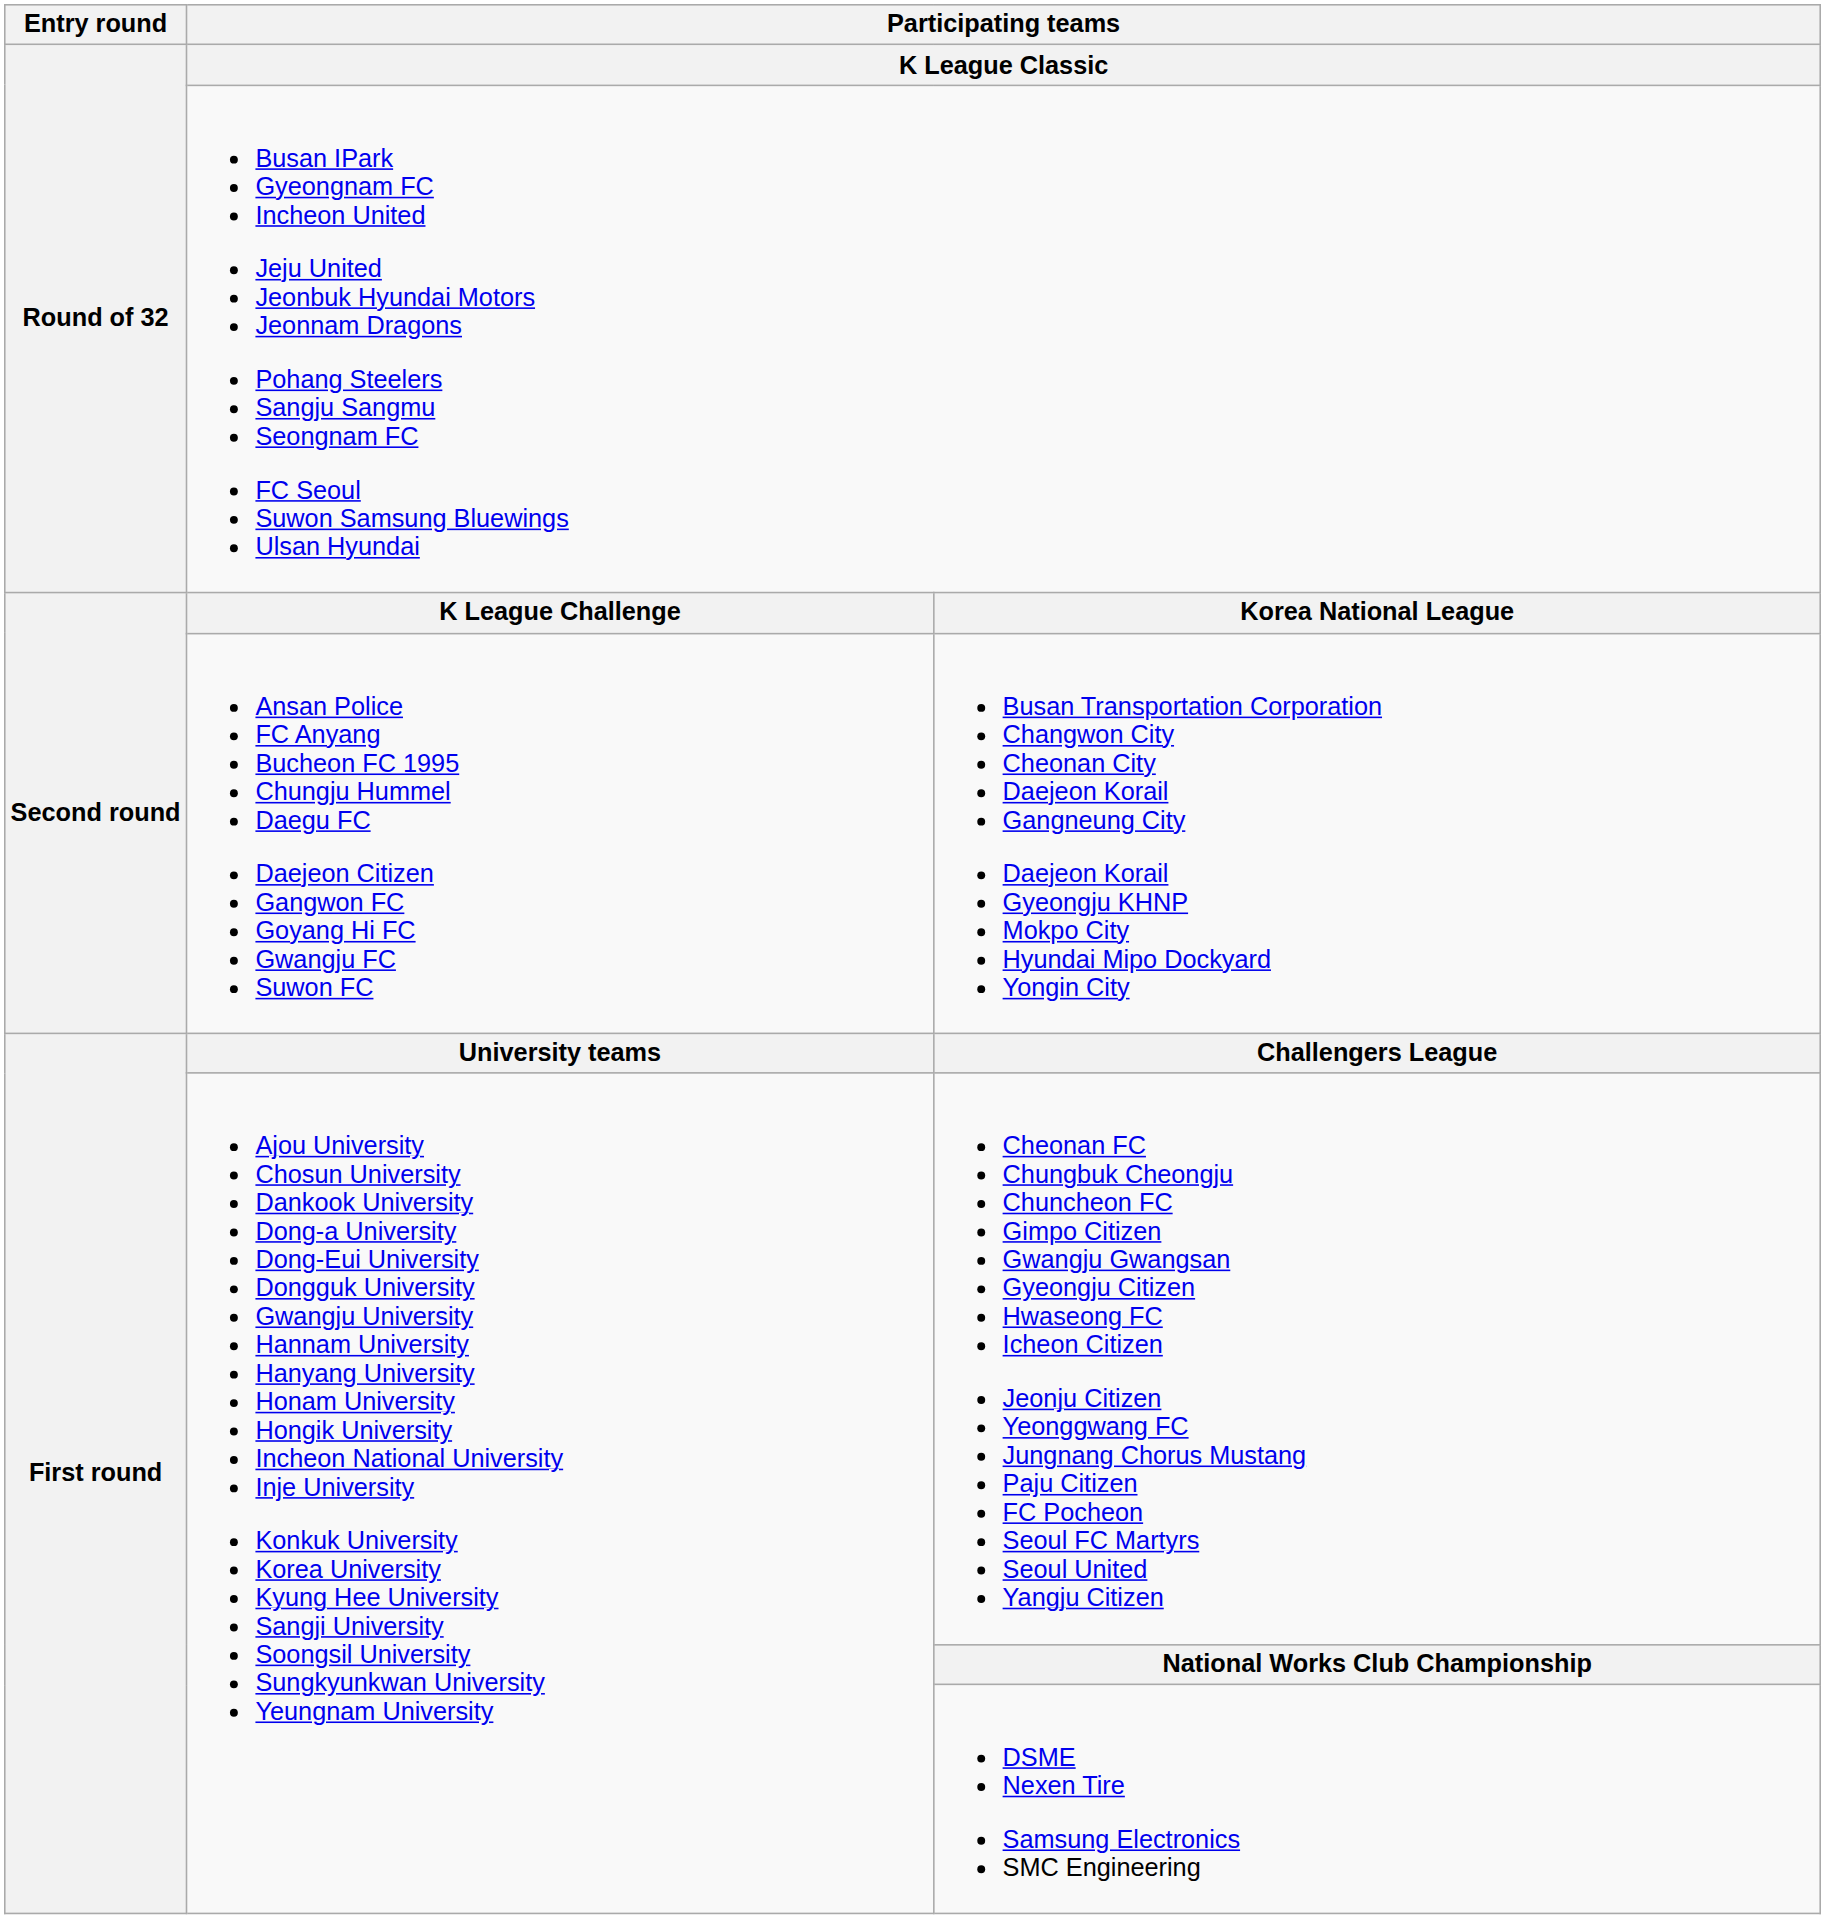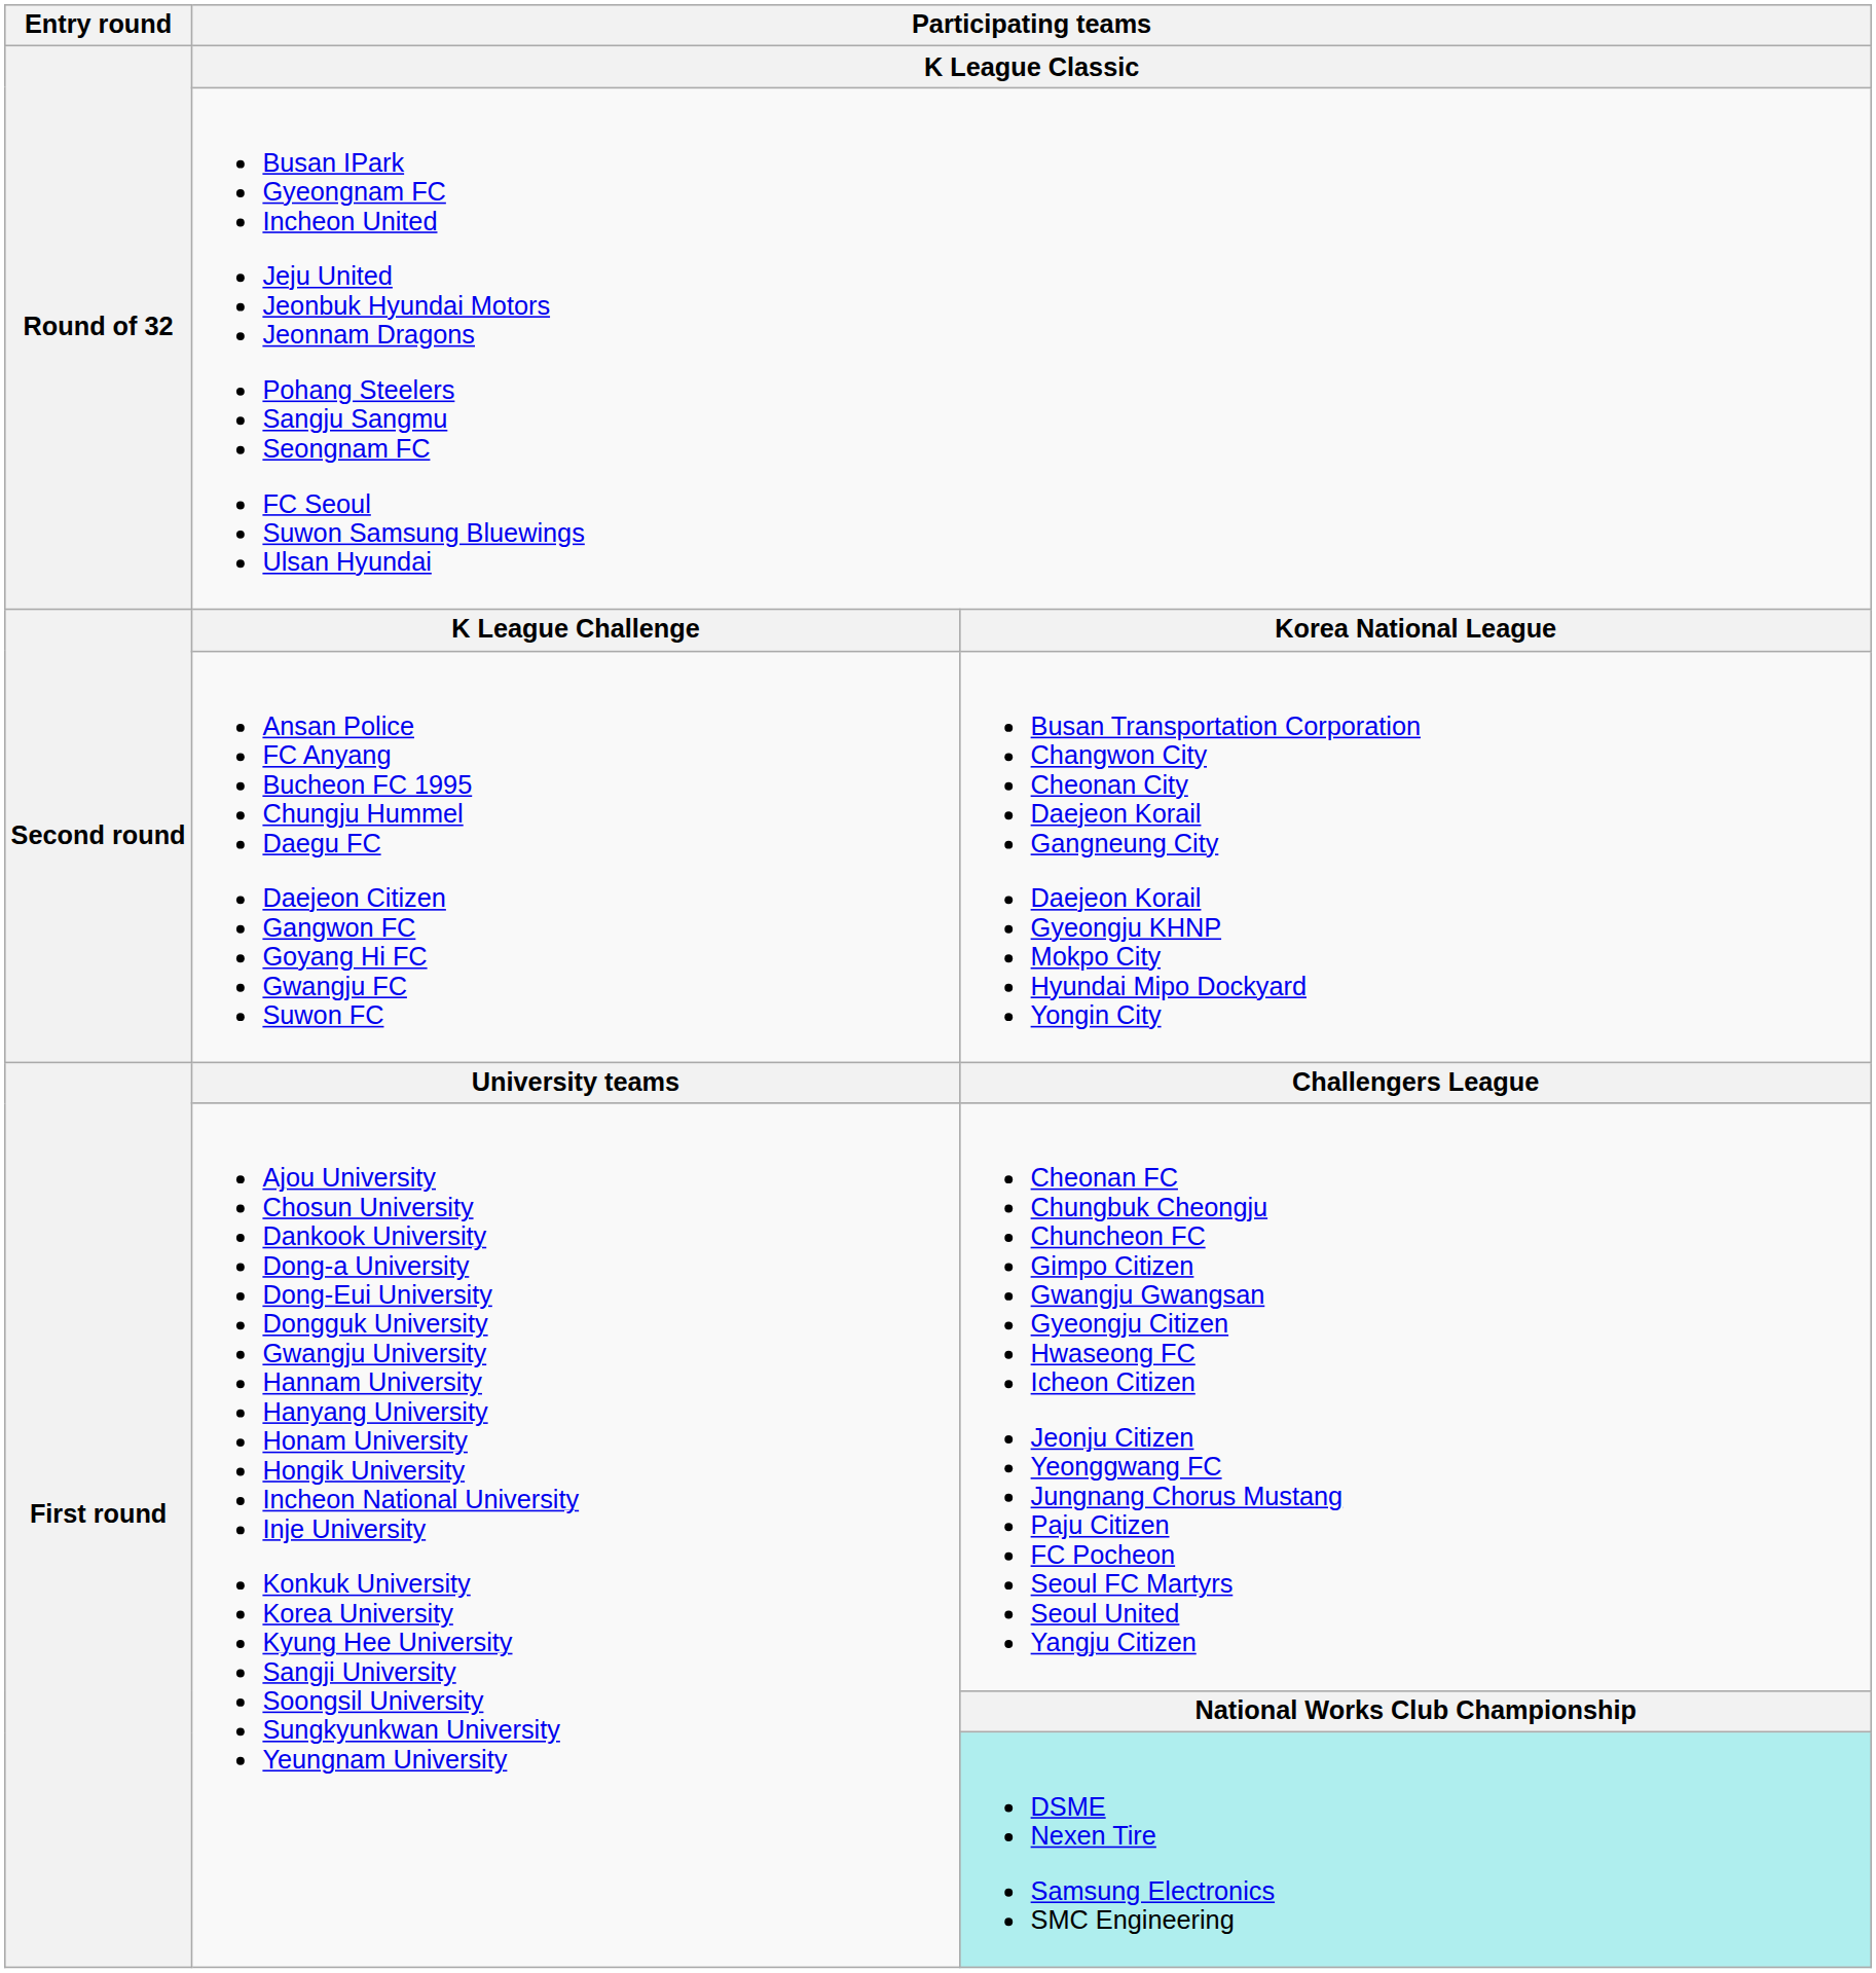 <table class="wikitable">
 <tr>
 <th width="10%">Entry round</th>
 <th width="90%" colspan="2">Participating teams</th>
 </tr>
 <tr>
 <th rowspan="2">Round of 32</th>
 <th colspan="2">K League Classic<br></th>
 </tr>
 <tr style="vertical-align:top">
 <td colspan="2"><br> <ul><li><a href='#'>Busan IPark</a></li><li><a href='#'>Gyeongnam FC</a></li><li><a href='#'>Incheon United</a></li></ul><ul><li><a href='#'>Jeju United</a></li><li><a href='#'>Jeonbuk Hyundai Motors</a></li><li><a href='#'>Jeonnam Dragons</a></li></ul><ul><li><a href='#'>Pohang Steelers</a></li><li><a href='#'>Sangju Sangmu</a></li><li><a href='#'>Seongnam FC</a></li></ul><ul><li><a href='#'>FC Seoul</a></li><li><a href='#'>Suwon Samsung Bluewings</a></li><li><a href='#'>Ulsan Hyundai</a></li></ul></td>
 </tr>
 <tr>
 <th rowspan="2">Second round</th>
 <th>K League Challenge<br></th>
 <th>Korea National League<br></th>
 </tr>
 <tr style="vertical-align:top">
 <td><br> <ul><li><a href='#'>Ansan Police</a></li><li><a href='#'>FC Anyang</a></li><li><a href='#'>Bucheon FC 1995</a></li><li><a href='#'>Chungju Hummel</a></li><li><a href='#'>Daegu FC</a></li></ul><ul><li><a href='#'>Daejeon Citizen</a></li><li><a href='#'>Gangwon FC</a></li><li><a href='#'>Goyang Hi FC</a></li><li><a href='#'>Gwangju FC</a></li><li><a href='#'>Suwon FC</a></li></ul></td>
 <td><br> <ul><li><a href='#'>Busan Transportation Corporation</a></li><li><a href='#'>Changwon City</a></li><li><a href='#'>Cheonan City</a></li><li><a href='#'>Daejeon Korail</a></li><li><a href='#'>Gangneung City</a></li></ul><ul><li><a href='#'>Daejeon Korail</a></li><li><a href='#'>Gyeongju KHNP</a></li><li><a href='#'>Mokpo City</a></li><li><a href='#'>Hyundai Mipo Dockyard</a></li><li><a href='#'>Yongin City</a></li></ul></td>
 </tr>
 <tr>
 <th rowspan="4">First round</th>
 <th>University teams<br></th>
 <th>Challengers League<br></th>
 </tr>
 <tr style="vertical-align:top">
 <td rowspan="3"><br> <ul><li><a href='#'>Ajou University</a></li><li><a href='#'>Chosun University</a></li><li><a href='#'>Dankook University</a></li><li><a href='#'>Dong-a University</a></li><li><a href='#'>Dong-Eui University</a></li><li><a href='#'>Dongguk University</a></li><li><a href='#'>Gwangju University</a></li><li><a href='#'>Hannam University</a></li><li><a href='#'>Hanyang University</a></li><li><a href='#'>Honam University</a></li><li><a href='#'>Hongik University</a></li><li><a href='#'>Incheon National University</a></li><li><a href='#'>Inje University</a></li></ul><ul><li><a href='#'>Konkuk University</a></li><li><a href='#'>Korea University</a></li><li><a href='#'>Kyung Hee University</a></li><li><a href='#'>Sangji University</a></li><li><a href='#'>Soongsil University</a></li><li><a href='#'>Sungkyunkwan University</a></li><li><a href='#'>Yeungnam University</a></li></ul></td>
 <td><br> <ul><li><a href='#'>Cheonan FC</a></li><li><a href='#'>Chungbuk Cheongju</a></li><li><a href='#'>Chuncheon FC</a></li><li><a href='#'>Gimpo Citizen</a></li><li><a href='#'>Gwangju Gwangsan</a></li><li><a href='#'>Gyeongju Citizen</a></li><li><a href='#'>Hwaseong FC</a></li><li><a href='#'>Icheon Citizen</a></li></ul><ul><li><a href='#'>Jeonju Citizen</a></li><li><a href='#'>Yeonggwang FC</a></li><li><a href='#'>Jungnang Chorus Mustang</a></li><li><a href='#'>Paju Citizen</a></li><li><a href='#'>FC Pocheon</a></li><li><a href='#'>Seoul FC Martyrs</a></li><li><a href='#'>Seoul United</a></li><li><a href='#'>Yangju Citizen</a></li></ul></td>
 </tr>
 <tr>
 <th>National Works Club Championship<br></th>
 </tr>
 <tr style="vertical-align:top">
-<td><br> <ul><li><a href='#'>DSME</a></li><li><a href='#'>Nexen Tire</a></li></ul><ul><li><a href='#'>Samsung Electronics</a></li><li>SMC Engineering</li></ul></td>
+<td style="background: paleturquoise;"><br> <ul><li><a href='#'>DSME</a></li><li><a href='#'>Nexen Tire</a></li></ul><ul><li><a href='#'>Samsung Electronics</a></li><li>SMC Engineering</li></ul></td>
 </tr>
 </table>
